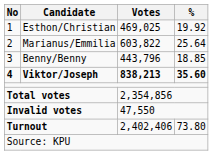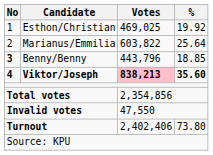 <table class="wikitable">
 <tr>
 <th>No</th>
 <th>Candidate</th>
 <th>Votes</th>
 <th>%</th>
 </tr>
 <tr>
 <td>1</td>
 <td>Esthon/Christian</td>
 <td>469,025</td>
 <td>19.92</td>
 </tr>
 <tr>
 <td>2</td>
 <td>Marianus/Emmilia</td>
 <td>603,822</td>
 <td>25.64</td>
 </tr>
 <tr>
-<td>3</td>
+<td><strong>3</strong></td>
 <td>Benny/Benny</td>
 <td>443,796</td>
 <td>18.85</td>
 </tr>
 <tr>
 <td><strong>4</strong></td>
 <td><strong>Viktor/Joseph</strong></td>
-<td><strong>838,213</strong></td>
+<td style="background: pink;"><strong>838,213</strong></td>
 <td><strong>35.60</strong></td>
 </tr>
 <tr>
 <td colspan=4></td>
 </tr>
 <tr>
 <td colspan=2><strong>Total votes</strong></td>
 <td colspan=2>2,354,856</td>
 </tr>
 <tr>
 <td colspan=2><strong>Invalid votes</strong></td>
 <td colspan=2>47,550</td>
 </tr>
 <tr>
 <td colspan=2><strong>Turnout</strong></td>
 <td>2,402,406</td>
 <td>73.80</td>
 </tr>
 <tr>
 <td colspan=4>Source: KPU</td>
 </tr>
 </table>
